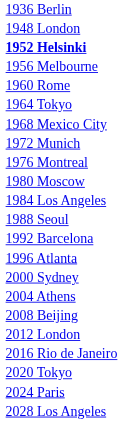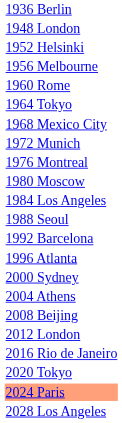 <table>
 <tr>
 <td><a href='#'>1936 Berlin</a><br></td>
 <td></td>
 <td></td>
 <td></td>
 </tr>
 <tr>
 <td><a href='#'>1948 London</a><br></td>
 <td></td>
 <td></td>
 <td></td>
 </tr>
 <tr>
-<td><strong><a href='#'>1952 Helsinki</a><br></strong></td>
+<td><a href='#'>1952 Helsinki</a><br></td>
 <td></td>
 <td></td>
 <td></td>
 </tr>
 <tr>
 <td><a href='#'>1956 Melbourne</a><br></td>
 <td></td>
 <td></td>
 <td></td>
 </tr>
 <tr>
 <td><a href='#'>1960 Rome</a><br></td>
 <td></td>
 <td></td>
 <td></td>
 </tr>
 <tr>
 <td><a href='#'>1964 Tokyo</a><br></td>
 <td></td>
 <td></td>
 <td></td>
 </tr>
 <tr>
 <td><a href='#'>1968 Mexico City</a><br></td>
 <td></td>
 <td></td>
 <td></td>
 </tr>
 <tr>
 <td><a href='#'>1972 Munich</a><br></td>
 <td></td>
 <td></td>
 <td></td>
 </tr>
 <tr>
 <td><a href='#'>1976 Montreal</a><br></td>
 <td></td>
 <td></td>
 <td></td>
 </tr>
 <tr>
 <td><a href='#'>1980 Moscow</a><br></td>
 <td></td>
 <td></td>
 <td></td>
 </tr>
 <tr>
 <td><a href='#'>1984 Los Angeles</a><br></td>
 <td></td>
 <td></td>
 <td></td>
 </tr>
 <tr>
 <td><a href='#'>1988 Seoul</a><br></td>
 <td></td>
 <td></td>
 <td></td>
 </tr>
 <tr>
 <td><a href='#'>1992 Barcelona</a><br></td>
 <td></td>
 <td></td>
 <td></td>
 </tr>
 <tr>
 <td><a href='#'>1996 Atlanta</a><br></td>
 <td></td>
 <td></td>
 <td></td>
 </tr>
 <tr>
 <td><a href='#'>2000 Sydney</a><br></td>
 <td></td>
 <td></td>
 <td></td>
 </tr>
 <tr>
 <td><a href='#'>2004 Athens</a><br></td>
 <td></td>
 <td></td>
 <td></td>
 </tr>
 <tr>
 <td><a href='#'>2008 Beijing</a><br></td>
 <td></td>
 <td></td>
 <td></td>
 </tr>
 <tr>
 <td><a href='#'>2012 London</a><br></td>
 <td></td>
 <td></td>
 <td></td>
 </tr>
 <tr>
 <td><a href='#'>2016 Rio de Janeiro</a><br></td>
 <td></td>
 <td></td>
 <td></td>
 </tr>
 <tr>
 <td><a href='#'>2020 Tokyo</a><br></td>
 <td></td>
 <td></td>
 <td></td>
 </tr>
 <tr>
-<td><a href='#'>2024 Paris</a> <br></td>
+<td style="background: lightsalmon;"><a href='#'>2024 Paris</a> <br></td>
 <td></td>
 <td></td>
 <td></td>
 </tr>
 <tr>
 <td><a href='#'>2028 Los Angeles</a> <br></td>
 <td></td>
 <td></td>
 <td></td>
 </tr>
 <tr>
 </tr>
 </table>
